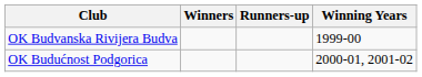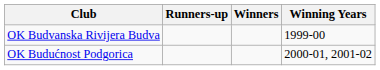 <table class="wikitable" style="font-size:90%">
 <tr>
 <th>Club</th>
+<th>Runners-up</th>
 <th>Winners</th>
-<th>Runners-up</th>
 <th>Winning Years</th>
 </tr>
 <tr>
 <td><a href='#'>OK Budvanska Rivijera Budva</a></td>
 <td></td>
 <td></td>
 <td>1999-00</td>
 </tr>
 <tr>
 <td><a href='#'>OK Budućnost Podgorica</a></td>
 <td></td>
 <td></td>
 <td>2000-01, 2001-02</td>
 </tr>
 </table>
